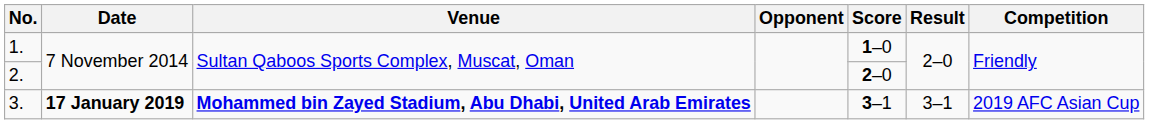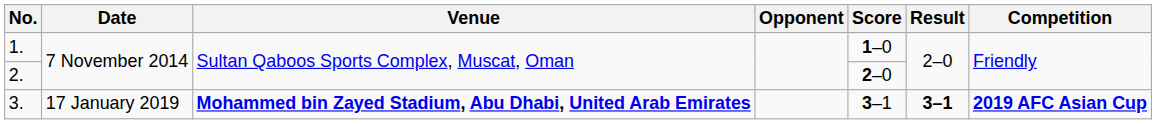 <table class="wikitable">
 <tr>
 <th>No.</th>
 <th>Date</th>
 <th>Venue</th>
 <th>Opponent</th>
 <th>Score</th>
 <th>Result</th>
 <th>Competition</th>
 </tr>
 <tr>
 <td>1.</td>
 <td rowspan=2>7 November 2014</td>
 <td rowspan=2><a href='#'>Sultan Qaboos Sports Complex</a>, <a href='#'>Muscat</a>, <a href='#'>Oman</a></td>
 <td rowspan=2></td>
 <td align=center><strong>1</strong>–0</td>
 <td rowspan=2 align=center>2–0</td>
 <td rowspan=2><a href='#'>Friendly</a></td>
 </tr>
 <tr>
 <td>2.</td>
 <td align=center><strong>2</strong>–0</td>
 </tr>
 <tr>
 <td>3.</td>
-<td><strong>17 January 2019</strong></td>
+<td>17 January 2019</td>
 <td><strong><a href='#'>Mohammed bin Zayed Stadium</a>, <a href='#'>Abu Dhabi</a>, <a href='#'>United Arab Emirates</a></strong></td>
 <td></td>
 <td align=center><strong>3</strong>–1</td>
-<td align=center>3–1</td>
-<td><a href='#'>2019 AFC Asian Cup</a></td>
+<td align=center><strong>3–1</strong></td>
+<td><strong><a href='#'>2019 AFC Asian Cup</a></strong></td>
 </tr>
 </table>
